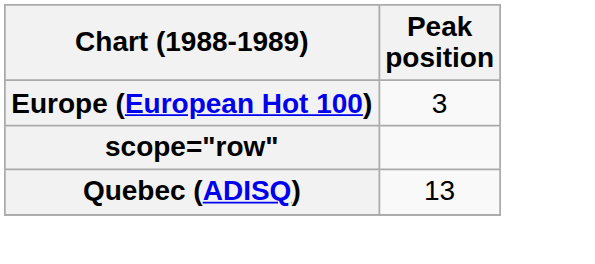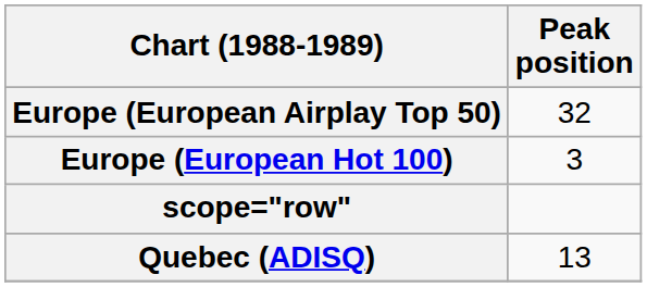 <table class="wikitable sortable plainrowheaders">
 <tr>
 <th>Chart (1988-1989)</th>
 <th>Peak<br>position</th>
+</tr>
+<tr>
+<th scope="row">Europe (European Airplay Top 50)</th>
+<td align="center">32</td>
 </tr>
 <tr>
 <th scope="row">Europe (<a href='#'>European Hot 100</a>)</th>
 <td align="center">3</td>
 </tr>
 <tr>
 <th>scope="row"</th>
 </tr>
 <tr>
 <th scope="row">Quebec (<a href='#'>ADISQ</a>)</th>
 <td align="center">13</td>
 </tr>
 <tr>
 </tr>
 </table>
